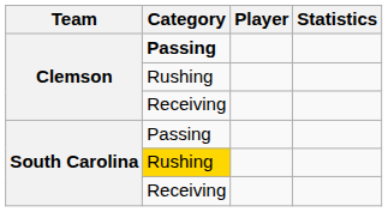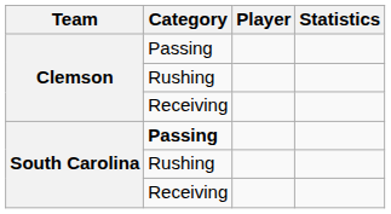 <table class="wikitable" style="float:right">
 <tr>
 <th>Team</th>
 <th>Category</th>
 <th>Player</th>
 <th>Statistics</th>
 </tr>
 <tr>
 <th rowspan=3>Clemson</th>
-<td><strong>Passing</strong></td>
+<td>Passing</td>
 <td></td>
 <td></td>
 </tr>
 <tr>
 <td>Rushing</td>
 <td></td>
 <td></td>
 </tr>
 <tr>
 <td>Receiving</td>
 <td></td>
 <td></td>
 </tr>
 <tr>
 <th rowspan=3>South Carolina</th>
-<td>Passing</td>
+<td><strong>Passing</strong></td>
 <td></td>
 <td></td>
 </tr>
 <tr>
-<td style="background: gold;">Rushing</td>
+<td>Rushing</td>
 <td></td>
 <td></td>
 </tr>
 <tr>
 <td>Receiving</td>
 <td></td>
 <td></td>
 </tr>
 </table>
